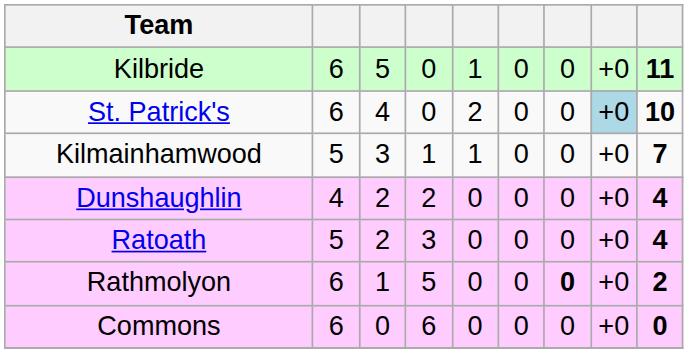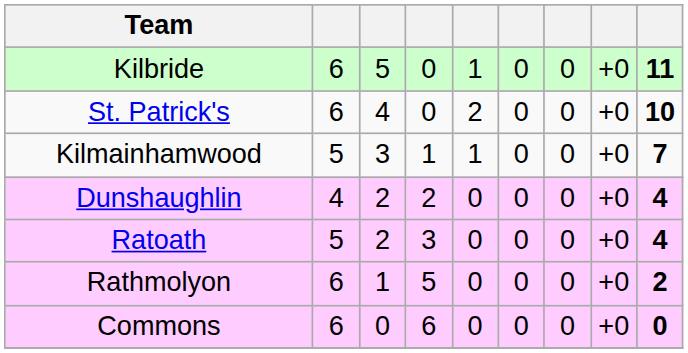 <table class="wikitable" style="text-align:center">
 <tr>
 <th width="175">Team</th>
 <th width="20"></th>
 <th width="20"></th>
 <th width="20"></th>
 <th width="20"></th>
 <th width="20"></th>
 <th width="20"></th>
 <th width="20"></th>
 <th width="20"></th>
 </tr>
 <tr style="background:#cfc;">
 <td>Kilbride</td>
 <td>6</td>
 <td>5</td>
 <td>0</td>
 <td>1</td>
 <td>0</td>
 <td>0</td>
 <td>+0</td>
 <td><strong>11</strong></td>
 </tr>
 <tr>
 <td><a href='#'>St. Patrick's</a></td>
 <td>6</td>
 <td>4</td>
 <td>0</td>
 <td>2</td>
 <td>0</td>
 <td>0</td>
-<td style="background: lightblue;">+0</td>
+<td>+0</td>
 <td><strong>10</strong></td>
 </tr>
 <tr>
 <td>Kilmainhamwood</td>
 <td>5</td>
 <td>3</td>
 <td>1</td>
 <td>1</td>
 <td>0</td>
 <td>0</td>
 <td>+0</td>
 <td><strong>7</strong></td>
 </tr>
 <tr style="background:#fcf;">
 <td><a href='#'>Dunshaughlin</a></td>
 <td>4</td>
 <td>2</td>
 <td>2</td>
 <td>0</td>
 <td>0</td>
 <td>0</td>
 <td>+0</td>
 <td><strong>4</strong></td>
 </tr>
 <tr style="background:#fcf;">
 <td><a href='#'>Ratoath</a></td>
 <td>5</td>
 <td>2</td>
 <td>3</td>
 <td>0</td>
 <td>0</td>
 <td>0</td>
 <td>+0</td>
 <td><strong>4</strong></td>
 </tr>
 <tr style="background:#fcf;">
 <td>Rathmolyon</td>
 <td>6</td>
 <td>1</td>
 <td>5</td>
 <td>0</td>
 <td>0</td>
-<td><strong>0</strong></td>
+<td>0</td>
 <td>+0</td>
 <td><strong>2</strong></td>
 </tr>
 <tr style="background:#fcf;">
 <td>Commons</td>
 <td>6</td>
 <td>0</td>
 <td>6</td>
 <td>0</td>
 <td>0</td>
 <td>0</td>
 <td>+0</td>
 <td><strong>0</strong></td>
 </tr>
 <tr>
 </tr>
 </table>
